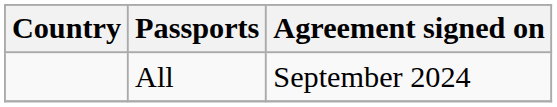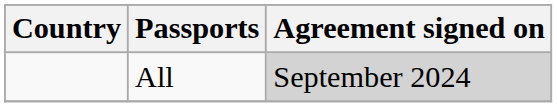 <table class="wikitable">
 <tr>
 <th>Country</th>
 <th>Passports</th>
 <th>Agreement signed on</th>
 </tr>
 <tr>
 <td></td>
 <td>All</td>
-<td>September 2024</td>
+<td style="background: lightgrey;">September 2024</td>
 </tr>
 <tr>
 </tr>
 </table>
